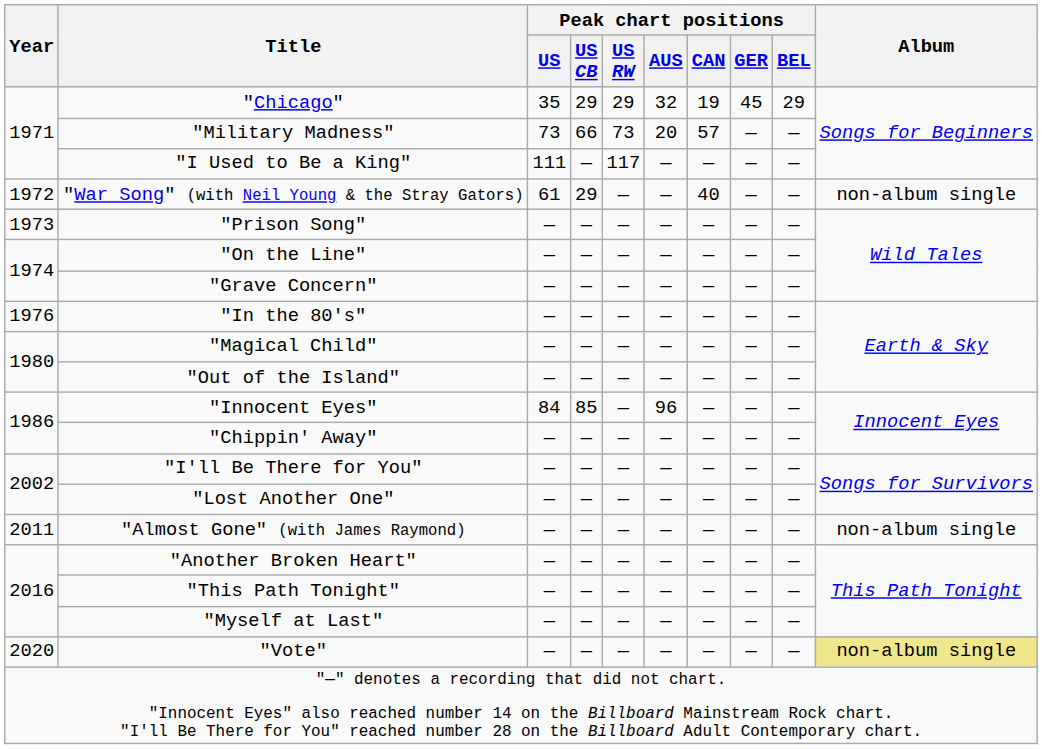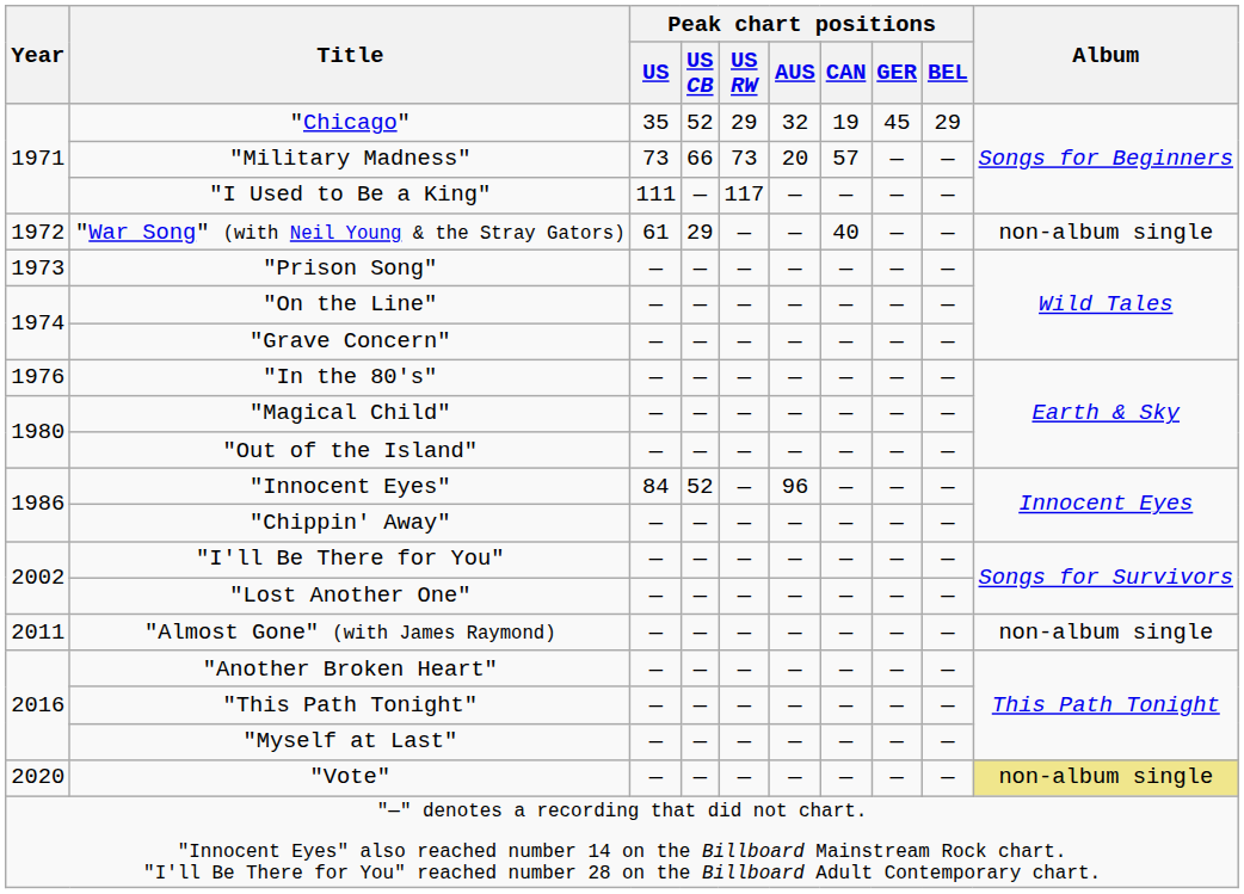 <table class="wikitable plainrowheaders" style="text-align:center;">
 <tr>
 <th scope="col" rowspan="2">Year</th>
 <th scope="col" rowspan="2">Title</th>
 <th scope="col" colspan="7">Peak chart positions</th>
 <th scope="col" rowspan="2">Album</th>
 </tr>
 <tr>
 <th><a href='#'>US</a><br></th>
 <th><a href='#'>US<br><em>CB</em></a><br></th>
 <th><a href='#'>US<br><em>RW</em></a><br></th>
 <th><a href='#'>AUS</a><br></th>
 <th><a href='#'>CAN</a><br></th>
 <th><a href='#'>GER</a><br></th>
 <th><a href='#'>BEL</a><br></th>
 </tr>
 <tr>
 <td rowspan="3">1971</td>
 <td>"<a href='#'>Chicago</a>"</td>
 <td>35</td>
-<td>29</td>
+<td>52</td>
 <td>29</td>
 <td>32</td>
 <td>19</td>
 <td>45</td>
 <td>29</td>
 <td rowspan="3"><em><a href='#'>Songs for Beginners</a></em></td>
 </tr>
 <tr>
 <td>"Military Madness"</td>
 <td>73</td>
 <td>66</td>
 <td>73</td>
 <td>20</td>
 <td>57</td>
 <td>—</td>
 <td>—</td>
 </tr>
 <tr>
 <td>"I Used to Be a King"</td>
 <td>111</td>
 <td>—</td>
 <td>117</td>
 <td>—</td>
 <td>—</td>
 <td>—</td>
 <td>—</td>
 </tr>
 <tr>
 <td>1972</td>
 <td>"<a href='#'>War Song</a>" <small>(with <a href='#'>Neil Young</a> & the Stray Gators)</small></td>
 <td>61</td>
 <td>29</td>
 <td>—</td>
 <td>—</td>
 <td>40</td>
 <td>—</td>
 <td>—</td>
 <td>non-album single</td>
 </tr>
 <tr>
 <td>1973</td>
 <td>"Prison Song"</td>
 <td>—</td>
 <td>—</td>
 <td>—</td>
 <td>—</td>
 <td>—</td>
 <td>—</td>
 <td>—</td>
 <td rowspan="3"><em><a href='#'>Wild Tales</a></em></td>
 </tr>
 <tr>
 <td rowspan="2">1974</td>
 <td>"On the Line"</td>
 <td>—</td>
 <td>—</td>
 <td>—</td>
 <td>—</td>
 <td>—</td>
 <td>—</td>
 <td>—</td>
 </tr>
 <tr>
 <td>"Grave Concern"</td>
 <td>—</td>
 <td>—</td>
 <td>—</td>
 <td>—</td>
 <td>—</td>
 <td>—</td>
 <td>—</td>
 </tr>
 <tr>
 <td>1976</td>
 <td>"In the 80's"</td>
 <td>—</td>
 <td>—</td>
 <td>—</td>
 <td>—</td>
 <td>—</td>
 <td>—</td>
 <td>—</td>
 <td rowspan="3"><em><a href='#'>Earth & Sky</a></em></td>
 </tr>
 <tr>
 <td rowspan="2">1980</td>
 <td>"Magical Child"</td>
 <td>—</td>
 <td>—</td>
 <td>—</td>
 <td>—</td>
 <td>—</td>
 <td>—</td>
 <td>—</td>
 </tr>
 <tr>
 <td>"Out of the Island"</td>
 <td>—</td>
 <td>—</td>
 <td>—</td>
 <td>—</td>
 <td>—</td>
 <td>—</td>
 <td>—</td>
 </tr>
 <tr>
 <td rowspan="2">1986</td>
 <td>"Innocent Eyes"</td>
 <td>84</td>
-<td>85</td>
+<td>52</td>
 <td>—</td>
 <td>96</td>
 <td>—</td>
 <td>—</td>
 <td>—</td>
 <td rowspan="2"><em><a href='#'>Innocent Eyes</a></em></td>
 </tr>
 <tr>
 <td>"Chippin' Away"</td>
 <td>—</td>
 <td>—</td>
 <td>—</td>
 <td>—</td>
 <td>—</td>
 <td>—</td>
 <td>—</td>
 </tr>
 <tr>
 <td rowspan="2">2002</td>
 <td>"I'll Be There for You"</td>
 <td>—</td>
 <td>—</td>
 <td>—</td>
 <td>—</td>
 <td>—</td>
 <td>—</td>
 <td>—</td>
 <td rowspan="2"><em><a href='#'>Songs for Survivors</a></em></td>
 </tr>
 <tr>
 <td>"Lost Another One"</td>
 <td>—</td>
 <td>—</td>
 <td>—</td>
 <td>—</td>
 <td>—</td>
 <td>—</td>
 <td>—</td>
 </tr>
 <tr>
 <td>2011</td>
 <td>"Almost Gone" <small>(with James Raymond)</small></td>
 <td>—</td>
 <td>—</td>
 <td>—</td>
 <td>—</td>
 <td>—</td>
 <td>—</td>
 <td>—</td>
 <td>non-album single</td>
 </tr>
 <tr>
 <td rowspan="3">2016</td>
 <td>"Another Broken Heart"</td>
 <td>—</td>
 <td>—</td>
 <td>—</td>
 <td>—</td>
 <td>—</td>
 <td>—</td>
 <td>—</td>
 <td rowspan="3"><em><a href='#'>This Path Tonight</a></em></td>
 </tr>
 <tr>
 <td>"This Path Tonight"</td>
 <td>—</td>
 <td>—</td>
 <td>—</td>
 <td>—</td>
 <td>—</td>
 <td>—</td>
 <td>—</td>
 </tr>
 <tr>
 <td>"Myself at Last"</td>
 <td>—</td>
 <td>—</td>
 <td>—</td>
 <td>—</td>
 <td>—</td>
 <td>—</td>
 <td>—</td>
 </tr>
 <tr>
 <td>2020</td>
 <td>"Vote"</td>
 <td>—</td>
 <td>—</td>
 <td>—</td>
 <td>—</td>
 <td>—</td>
 <td>—</td>
 <td>—</td>
 <td style="background: khaki;">non-album single</td>
 </tr>
 <tr>
 <td colspan="10" style="font-size:85%">"—" denotes a recording that did not chart. <br><br>"Innocent Eyes" also reached number 14 on the <em>Billboard</em> Mainstream Rock chart. <br> "I'll Be There for You" reached number 28 on the <em>Billboard</em> Adult Contemporary chart. <br></td>
 </tr>
 </table>
